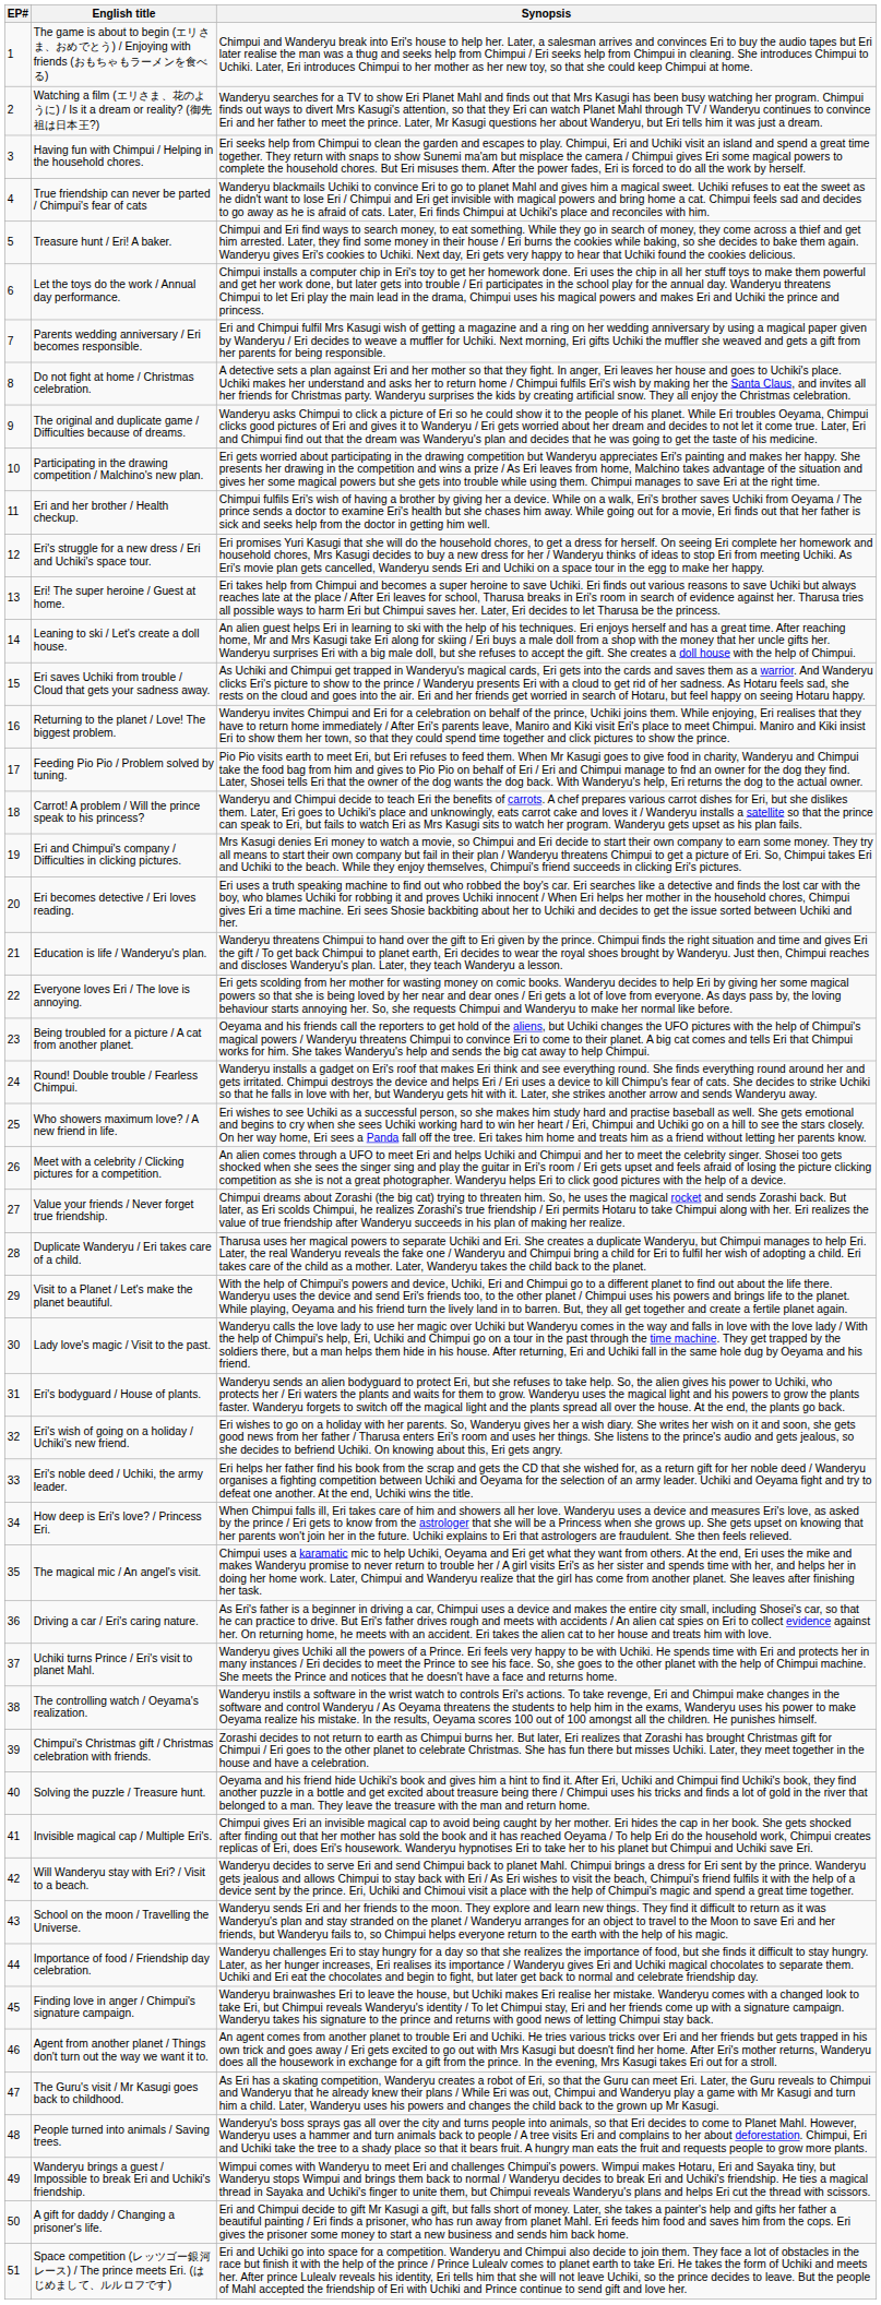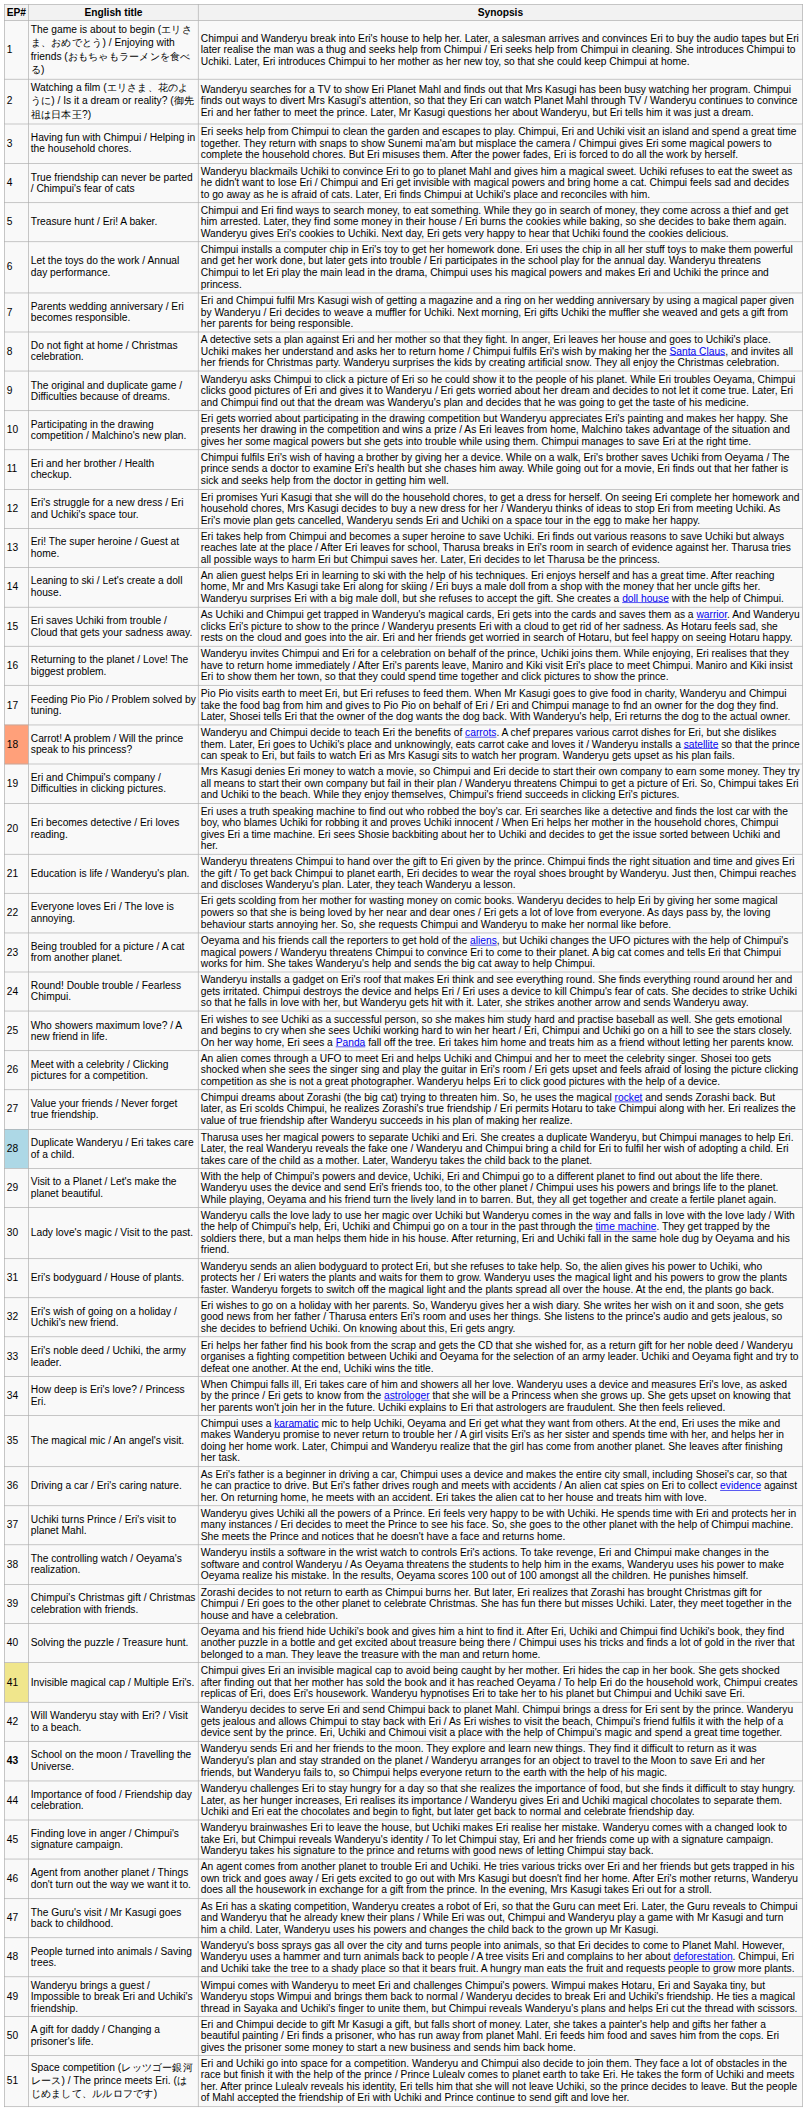 <table class="wikitable">
 <tr>
 <th>EP#</th>
 <th>English title</th>
 <th>Synopsis</th>
 </tr>
 <tr>
 <td>1</td>
 <td>The game is about to begin (エリさま、おめでとう) / Enjoying with friends (おもちゃもラーメンを食べる)</td>
 <td>Chimpui and Wanderyu break into Eri's house to help her. Later, a salesman arrives and convinces Eri to buy the audio tapes but Eri later realise the man was a thug and seeks help from Chimpui / Eri seeks help from Chimpui in cleaning. She introduces Chimpui to Uchiki. Later, Eri introduces Chimpui to her mother as her new toy, so that she could keep Chimpui at home.</td>
 </tr>
 <tr>
 <td>2</td>
 <td>Watching a film (エリさま、花のように) / Is it a dream or reality? (御先祖は日本王?)</td>
 <td>Wanderyu searches for a TV to show Eri Planet Mahl and finds out that Mrs Kasugi has been busy watching her program. Chimpui finds out ways to divert Mrs Kasugi's attention, so that they Eri can watch Planet Mahl through TV / Wanderyu continues to convince Eri and her father to meet the prince. Later, Mr Kasugi questions her about Wanderyu, but Eri tells him it was just a dream.</td>
 </tr>
 <tr>
 <td>3</td>
 <td>Having fun with Chimpui / Helping in the household chores.</td>
 <td>Eri seeks help from Chimpui to clean the garden and escapes to play. Chimpui, Eri and Uchiki visit an island and spend a great time together. They return with snaps to show Sunemi ma'am but misplace the camera / Chimpui gives Eri some magical powers to complete the household chores. But Eri misuses them. After the power fades, Eri is forced to do all the work by herself.</td>
 </tr>
 <tr>
 <td>4</td>
 <td>True friendship can never be parted / Chimpui's fear of cats</td>
 <td>Wanderyu blackmails Uchiki to convince Eri to go to planet Mahl and gives him a magical sweet. Uchiki refuses to eat the sweet as he didn't want to lose Eri / Chimpui and Eri get invisible with magical powers and bring home a cat. Chimpui feels sad and decides to go away as he is afraid of cats. Later, Eri finds Chimpui at Uchiki's place and reconciles with him.</td>
 </tr>
 <tr>
 <td>5</td>
 <td>Treasure hunt / Eri! A baker.</td>
 <td>Chimpui and Eri find ways to search money, to eat something. While they go in search of money, they come across a thief and get him arrested. Later, they find some money in their house / Eri burns the cookies while baking, so she decides to bake them again. Wanderyu gives Eri's cookies to Uchiki. Next day, Eri gets very happy to hear that Uchiki found the cookies delicious.</td>
 </tr>
 <tr>
 <td>6</td>
 <td>Let the toys do the work / Annual day performance.</td>
 <td>Chimpui installs a computer chip in Eri's toy to get her homework done. Eri uses the chip in all her stuff toys to make them powerful and get her work done, but later gets into trouble / Eri participates in the school play for the annual day. Wanderyu threatens Chimpui to let Eri play the main lead in the drama, Chimpui uses his magical powers and makes Eri and Uchiki the prince and princess.</td>
 </tr>
 <tr>
 <td>7</td>
 <td>Parents wedding anniversary / Eri becomes responsible.</td>
 <td>Eri and Chimpui fulfil Mrs Kasugi wish of getting a magazine and a ring on her wedding anniversary by using a magical paper given by Wanderyu / Eri decides to weave a muffler for Uchiki. Next morning, Eri gifts Uchiki the muffler she weaved and gets a gift from her parents for being responsible.</td>
 </tr>
 <tr>
 <td>8</td>
 <td>Do not fight at home / Christmas celebration.</td>
 <td>A detective sets a plan against Eri and her mother so that they fight. In anger, Eri leaves her house and goes to Uchiki's place. Uchiki makes her understand and asks her to return home / Chimpui fulfils Eri's wish by making her the <a href='#'>Santa Claus</a>, and invites all her friends for Christmas party. Wanderyu surprises the kids by creating artificial snow. They all enjoy the Christmas celebration.</td>
 </tr>
 <tr>
 <td>9</td>
 <td>The original and duplicate game / Difficulties because of dreams.</td>
 <td>Wanderyu asks Chimpui to click a picture of Eri so he could show it to the people of his planet. While Eri troubles Oeyama, Chimpui clicks good pictures of Eri and gives it to Wanderyu / Eri gets worried about her dream and decides to not let it come true. Later, Eri and Chimpui find out that the dream was Wanderyu's plan and decides that he was going to get the taste of his medicine.</td>
 </tr>
 <tr>
 <td>10</td>
 <td>Participating in the drawing competition / Malchino's new plan.</td>
 <td>Eri gets worried about participating in the drawing competition but Wanderyu appreciates Eri's painting and makes her happy. She presents her drawing in the competition and wins a prize / As Eri leaves from home, Malchino takes advantage of the situation and gives her some magical powers but she gets into trouble while using them. Chimpui manages to save Eri at the right time.</td>
 </tr>
 <tr>
 <td>11</td>
 <td>Eri and her brother / Health checkup.</td>
 <td>Chimpui fulfils Eri's wish of having a brother by giving her a device. While on a walk, Eri's brother saves Uchiki from Oeyama / The prince sends a doctor to examine Eri's health but she chases him away. While going out for a movie, Eri finds out that her father is sick and seeks help from the doctor in getting him well.</td>
 </tr>
 <tr>
 <td>12</td>
 <td>Eri's struggle for a new dress / Eri and Uchiki's space tour.</td>
 <td>Eri promises Yuri Kasugi that she will do the household chores, to get a dress for herself. On seeing Eri complete her homework and household chores, Mrs Kasugi decides to buy a new dress for her / Wanderyu thinks of ideas to stop Eri from meeting Uchiki. As Eri's movie plan gets cancelled, Wanderyu sends Eri and Uchiki on a space tour in the egg to make her happy.</td>
 </tr>
 <tr>
 <td>13</td>
 <td>Eri! The super heroine / Guest at home.</td>
 <td>Eri takes help from Chimpui and becomes a super heroine to save Uchiki. Eri finds out various reasons to save Uchiki but always reaches late at the place / After Eri leaves for school, Tharusa breaks in Eri's room in search of evidence against her. Tharusa tries all possible ways to harm Eri but Chimpui saves her. Later, Eri decides to let Tharusa be the princess.</td>
 </tr>
 <tr>
 <td>14</td>
 <td>Leaning to ski / Let's create a doll house.</td>
 <td>An alien guest helps Eri in learning to ski with the help of his techniques. Eri enjoys herself and has a great time. After reaching home, Mr and Mrs Kasugi take Eri along for skiing / Eri buys a male doll from a shop with the money that her uncle gifts her. Wanderyu surprises Eri with a big male doll, but she refuses to accept the gift. She creates a <a href='#'>doll house</a> with the help of Chimpui.</td>
 </tr>
 <tr>
 <td>15</td>
 <td>Eri saves Uchiki from trouble / Cloud that gets your sadness away.</td>
 <td>As Uchiki and Chimpui get trapped in Wanderyu's magical cards, Eri gets into the cards and saves them as a <a href='#'>warrior</a>. And Wanderyu clicks Eri's picture to show to the prince / Wanderyu presents Eri with a cloud to get rid of her sadness. As Hotaru feels sad, she rests on the cloud and goes into the air. Eri and her friends get worried in search of Hotaru, but feel happy on seeing Hotaru happy.</td>
 </tr>
 <tr>
 <td>16</td>
 <td>Returning to the planet / Love! The biggest problem.</td>
 <td>Wanderyu invites Chimpui and Eri for a celebration on behalf of the prince, Uchiki joins them. While enjoying, Eri realises that they have to return home immediately / After Eri's parents leave, Maniro and Kiki visit Eri's place to meet Chimpui. Maniro and Kiki insist Eri to show them her town, so that they could spend time together and click pictures to show the prince.</td>
 </tr>
 <tr>
 <td>17</td>
 <td>Feeding Pio Pio / Problem solved by tuning.</td>
 <td>Pio Pio visits earth to meet Eri, but Eri refuses to feed them. When Mr Kasugi goes to give food in charity, Wanderyu and Chimpui take the food bag from him and gives to Pio Pio on behalf of Eri / Eri and Chimpui manage to fnd an owner for the dog they find. Later, Shosei tells Eri that the owner of the dog wants the dog back. With Wanderyu's help, Eri returns the dog to the actual owner.</td>
 </tr>
 <tr>
-<td>18</td>
+<td style="background: lightsalmon;">18</td>
 <td>Carrot! A problem / Will the prince speak to his princess?</td>
 <td>Wanderyu and Chimpui decide to teach Eri the benefits of <a href='#'>carrots</a>. A chef prepares various carrot dishes for Eri, but she dislikes them. Later, Eri goes to Uchiki's place and unknowingly, eats carrot cake and loves it / Wanderyu installs a <a href='#'>satellite</a> so that the prince can speak to Eri, but fails to watch Eri as Mrs Kasugi sits to watch her program. Wanderyu gets upset as his plan fails.</td>
 </tr>
 <tr>
 <td>19</td>
 <td>Eri and Chimpui's company / Difficulties in clicking pictures.</td>
 <td>Mrs Kasugi denies Eri money to watch a movie, so Chimpui and Eri decide to start their own company to earn some money. They try all means to start their own company but fail in their plan / Wanderyu threatens Chimpui to get a picture of Eri. So, Chimpui takes Eri and Uchiki to the beach. While they enjoy themselves, Chimpui's friend succeeds in clicking Eri's pictures.</td>
 </tr>
 <tr>
 <td>20</td>
 <td>Eri becomes detective / Eri loves reading.</td>
 <td>Eri uses a truth speaking machine to find out who robbed the boy's car. Eri searches like a detective and finds the lost car with the boy, who blames Uchiki for robbing it and proves Uchiki innocent / When Eri helps her mother in the household chores, Chimpui gives Eri a time machine. Eri sees Shosie backbiting about her to Uchiki and decides to get the issue sorted between Uchiki and her.</td>
 </tr>
 <tr>
 <td>21</td>
 <td>Education is life / Wanderyu's plan.</td>
 <td>Wanderyu threatens Chimpui to hand over the gift to Eri given by the prince. Chimpui finds the right situation and time and gives Eri the gift / To get back Chimpui to planet earth, Eri decides to wear the royal shoes brought by Wanderyu. Just then, Chimpui reaches and discloses Wanderyu's plan. Later, they teach Wanderyu a lesson.</td>
 </tr>
 <tr>
 <td>22</td>
 <td>Everyone loves Eri / The love is annoying.</td>
 <td>Eri gets scolding from her mother for wasting money on comic books. Wanderyu decides to help Eri by giving her some magical powers so that she is being loved by her near and dear ones / Eri gets a lot of love from everyone. As days pass by, the loving behaviour starts annoying her. So, she requests Chimpui and Wanderyu to make her normal like before.</td>
 </tr>
 <tr>
 <td>23</td>
 <td>Being troubled for a picture / A cat from another planet.</td>
 <td>Oeyama and his friends call the reporters to get hold of the <a href='#'>aliens</a>, but Uchiki changes the UFO pictures with the help of Chimpui's magical powers / Wanderyu threatens Chimpui to convince Eri to come to their planet. A big cat comes and tells Eri that Chimpui works for him. She takes Wanderyu's help and sends the big cat away to help Chimpui.</td>
 </tr>
 <tr>
 <td>24</td>
 <td>Round! Double trouble / Fearless Chimpui.</td>
 <td>Wanderyu installs a gadget on Eri's roof that makes Eri think and see everything round. She finds everything round around her and gets irritated. Chimpui destroys the device and helps Eri / Eri uses a device to kill Chimpu's fear of cats. She decides to strike Uchiki so that he falls in love with her, but Wanderyu gets hit with it. Later, she strikes another arrow and sends Wanderyu away.</td>
 </tr>
 <tr>
 <td>25</td>
 <td>Who showers maximum love? / A new friend in life.</td>
 <td>Eri wishes to see Uchiki as a successful person, so she makes him study hard and practise baseball as well. She gets emotional and begins to cry when she sees Uchiki working hard to win her heart / Eri, Chimpui and Uchiki go on a hill to see the stars closely. On her way home, Eri sees a <a href='#'>Panda</a> fall off the tree. Eri takes him home and treats him as a friend without letting her parents know.</td>
 </tr>
 <tr>
 <td>26</td>
 <td>Meet with a celebrity / Clicking pictures for a competition.</td>
 <td>An alien comes through a UFO to meet Eri and helps Uchiki and Chimpui and her to meet the celebrity singer. Shosei too gets shocked when she sees the singer sing and play the guitar in Eri's room / Eri gets upset and feels afraid of losing the picture clicking competition as she is not a great photographer. Wanderyu helps Eri to click good pictures with the help of a device.</td>
 </tr>
 <tr>
 <td>27</td>
 <td>Value your friends / Never forget true friendship.</td>
 <td>Chimpui dreams about Zorashi (the big cat) trying to threaten him. So, he uses the magical <a href='#'>rocket</a> and sends Zorashi back. But later, as Eri scolds Chimpui, he realizes Zorashi's true friendship / Eri permits Hotaru to take Chimpui along with her. Eri realizes the value of true friendship after Wanderyu succeeds in his plan of making her realize.</td>
 </tr>
 <tr>
-<td>28</td>
+<td style="background: lightblue;">28</td>
 <td>Duplicate Wanderyu / Eri takes care of a child.</td>
 <td>Tharusa uses her magical powers to separate Uchiki and Eri. She creates a duplicate Wanderyu, but Chimpui manages to help Eri. Later, the real Wanderyu reveals the fake one / Wanderyu and Chimpui bring a child for Eri to fulfil her wish of adopting a child. Eri takes care of the child as a mother. Later, Wanderyu takes the child back to the planet.</td>
 </tr>
 <tr>
 <td>29</td>
 <td>Visit to a Planet / Let's make the planet beautiful.</td>
 <td>With the help of Chimpui's powers and device, Uchiki, Eri and Chimpui go to a different planet to find out about the life there. Wanderyu uses the device and send Eri's friends too, to the other planet / Chimpui uses his powers and brings life to the planet. While playing, Oeyama and his friend turn the lively land in to barren. But, they all get together and create a fertile planet again.</td>
 </tr>
 <tr>
 <td>30</td>
 <td>Lady love's magic / Visit to the past.</td>
 <td>Wanderyu calls the love lady to use her magic over Uchiki but Wanderyu comes in the way and falls in love with the love lady / With the help of Chimpui's help, Eri, Uchiki and Chimpui go on a tour in the past through the <a href='#'>time machine</a>. They get trapped by the soldiers there, but a man helps them hide in his house. After returning, Eri and Uchiki fall in the same hole dug by Oeyama and his friend.</td>
 </tr>
 <tr>
 <td>31</td>
 <td>Eri's bodyguard / House of plants.</td>
 <td>Wanderyu sends an alien bodyguard to protect Eri, but she refuses to take help. So, the alien gives his power to Uchiki, who protects her / Eri waters the plants and waits for them to grow. Wanderyu uses the magical light and his powers to grow the plants faster. Wanderyu forgets to switch off the magical light and the plants spread all over the house. At the end, the plants go back.</td>
 </tr>
 <tr>
 <td>32</td>
 <td>Eri's wish of going on a holiday / Uchiki's new friend.</td>
 <td>Eri wishes to go on a holiday with her parents. So, Wanderyu gives her a wish diary. She writes her wish on it and soon, she gets good news from her father / Tharusa enters Eri's room and uses her things. She listens to the prince's audio and gets jealous, so she decides to befriend Uchiki. On knowing about this, Eri gets angry.</td>
 </tr>
 <tr>
 <td>33</td>
 <td>Eri's noble deed / Uchiki, the army leader.</td>
 <td>Eri helps her father find his book from the scrap and gets the CD that she wished for, as a return gift for her noble deed / Wanderyu organises a fighting competition between Uchiki and Oeyama for the selection of an army leader. Uchiki and Oeyama fight and try to defeat one another. At the end, Uchiki wins the title.</td>
 </tr>
 <tr>
 <td>34</td>
 <td>How deep is Eri's love? / Princess Eri.</td>
 <td>When Chimpui falls ill, Eri takes care of him and showers all her love. Wanderyu uses a device and measures Eri's love, as asked by the prince / Eri gets to know from the <a href='#'>astrologer</a> that she will be a Princess when she grows up. She gets upset on knowing that her parents won't join her in the future. Uchiki explains to Eri that astrologers are fraudulent. She then feels relieved.</td>
 </tr>
 <tr>
 <td>35</td>
 <td>The magical mic / An angel's visit.</td>
 <td>Chimpui uses a <a href='#'>karamatic</a> mic to help Uchiki, Oeyama and Eri get what they want from others. At the end, Eri uses the mike and makes Wanderyu promise to never return to trouble her / A girl visits Eri's as her sister and spends time with her, and helps her in doing her home work. Later, Chimpui and Wanderyu realize that the girl has come from another planet. She leaves after finishing her task.</td>
 </tr>
 <tr>
 <td>36</td>
 <td>Driving a car / Eri's caring nature.</td>
 <td>As Eri's father is a beginner in driving a car, Chimpui uses a device and makes the entire city small, including Shosei's car, so that he can practice to drive. But Eri's father drives rough and meets with accidents / An alien cat spies on Eri to collect <a href='#'>evidence</a> against her. On returning home, he meets with an accident. Eri takes the alien cat to her house and treats him with love.</td>
 </tr>
 <tr>
 <td>37</td>
 <td>Uchiki turns Prince / Eri's visit to planet Mahl.</td>
 <td>Wanderyu gives Uchiki all the powers of a Prince. Eri feels very happy to be with Uchiki. He spends time with Eri and protects her in many instances / Eri decides to meet the Prince to see his face. So, she goes to the other planet with the help of Chimpui machine. She meets the Prince and notices that he doesn't have a face and returns home.</td>
 </tr>
 <tr>
 <td>38</td>
 <td>The controlling watch / Oeyama's realization.</td>
 <td>Wanderyu instils a software in the wrist watch to controls Eri's actions. To take revenge, Eri and Chimpui make changes in the software and control Wanderyu / As Oeyama threatens the students to help him in the exams, Wanderyu uses his power to make Oeyama realize his mistake. In the results, Oeyama scores 100 out of 100 amongst all the children. He punishes himself.</td>
 </tr>
 <tr>
 <td>39</td>
 <td>Chimpui's Christmas gift / Christmas celebration with friends.</td>
 <td>Zorashi decides to not return to earth as Chimpui burns her. But later, Eri realizes that Zorashi has brought Christmas gift for Chimpui / Eri goes to the other planet to celebrate Christmas. She has fun there but misses Uchiki. Later, they meet together in the house and have a celebration.</td>
 </tr>
 <tr>
 <td>40</td>
 <td>Solving the puzzle / Treasure hunt.</td>
 <td>Oeyama and his friend hide Uchiki's book and gives him a hint to find it. After Eri, Uchiki and Chimpui find Uchiki's book, they find another puzzle in a bottle and get excited about treasure being there / Chimpui uses his tricks and finds a lot of gold in the river that belonged to a man. They leave the treasure with the man and return home.</td>
 </tr>
 <tr>
-<td>41</td>
+<td style="background: khaki;">41</td>
 <td>Invisible magical cap / Multiple Eri's.</td>
 <td>Chimpui gives Eri an invisible magical cap to avoid being caught by her mother. Eri hides the cap in her book. She gets shocked after finding out that her mother has sold the book and it has reached Oeyama / To help Eri do the household work, Chimpui creates replicas of Eri, does Eri's housework. Wanderyu hypnotises Eri to take her to his planet but Chimpui and Uchiki save Eri.</td>
 </tr>
 <tr>
 <td>42</td>
 <td>Will Wanderyu stay with Eri? / Visit to a beach.</td>
 <td>Wanderyu decides to serve Eri and send Chimpui back to planet Mahl. Chimpui brings a dress for Eri sent by the prince. Wanderyu gets jealous and allows Chimpui to stay back with Eri / As Eri wishes to visit the beach, Chimpui's friend fulfils it with the help of a device sent by the prince. Eri, Uchiki and Chimoui visit a place with the help of Chimpui's magic and spend a great time together.</td>
 </tr>
 <tr>
-<td>43</td>
+<td><strong>43</strong></td>
 <td>School on the moon / Travelling the Universe.</td>
 <td>Wanderyu sends Eri and her friends to the moon. They explore and learn new things. They find it difficult to return as it was Wanderyu's plan and stay stranded on the planet / Wanderyu arranges for an object to travel to the Moon to save Eri and her friends, but Wanderyu fails to, so Chimpui helps everyone return to the earth with the help of his magic.</td>
 </tr>
 <tr>
 <td>44</td>
 <td>Importance of food / Friendship day celebration.</td>
 <td>Wanderyu challenges Eri to stay hungry for a day so that she realizes the importance of food, but she finds it difficult to stay hungry. Later, as her hunger increases, Eri realises its importance / Wanderyu gives Eri and Uchiki magical chocolates to separate them. Uchiki and Eri eat the chocolates and begin to fight, but later get back to normal and celebrate friendship day.</td>
 </tr>
 <tr>
 <td>45</td>
 <td>Finding love in anger / Chimpui's signature campaign.</td>
 <td>Wanderyu brainwashes Eri to leave the house, but Uchiki makes Eri realise her mistake. Wanderyu comes with a changed look to take Eri, but Chimpui reveals Wanderyu's identity / To let Chimpui stay, Eri and her friends come up with a signature campaign. Wanderyu takes his signature to the prince and returns with good news of letting Chimpui stay back.</td>
 </tr>
 <tr>
 <td>46</td>
 <td>Agent from another planet / Things don't turn out the way we want it to.</td>
 <td>An agent comes from another planet to trouble Eri and Uchiki. He tries various tricks over Eri and her friends but gets trapped in his own trick and goes away / Eri gets excited to go out with Mrs Kasugi but doesn't find her home. After Eri's mother returns, Wanderyu does all the housework in exchange for a gift from the prince. In the evening, Mrs Kasugi takes Eri out for a stroll.</td>
 </tr>
 <tr>
 <td>47</td>
 <td>The Guru's visit / Mr Kasugi goes back to childhood.</td>
 <td>As Eri has a skating competition, Wanderyu creates a robot of Eri, so that the Guru can meet Eri. Later, the Guru reveals to Chimpui and Wanderyu that he already knew their plans / While Eri was out, Chimpui and Wanderyu play a game with Mr Kasugi and turn him a child. Later, Wanderyu uses his powers and changes the child back to the grown up Mr Kasugi.</td>
 </tr>
 <tr>
 <td>48</td>
 <td>People turned into animals / Saving trees.</td>
 <td>Wanderyu's boss sprays gas all over the city and turns people into animals, so that Eri decides to come to Planet Mahl. However, Wanderyu uses a hammer and turn animals back to people / A tree visits Eri and complains to her about <a href='#'>deforestation</a>. Chimpui, Eri and Uchiki take the tree to a shady place so that it bears fruit. A hungry man eats the fruit and requests people to grow more plants.</td>
 </tr>
 <tr>
 <td>49</td>
 <td>Wanderyu brings a guest / Impossible to break Eri and Uchiki's friendship.</td>
 <td>Wimpui comes with Wanderyu to meet Eri and challenges Chimpui's powers. Wimpui makes Hotaru, Eri and Sayaka tiny, but Wanderyu stops Wimpui and brings them back to normal / Wanderyu decides to break Eri and Uchiki's friendship. He ties a magical thread in Sayaka and Uchiki's finger to unite them, but Chimpui reveals Wanderyu's plans and helps Eri cut the thread with scissors.</td>
 </tr>
 <tr>
 <td>50</td>
 <td>A gift for daddy / Changing a prisoner's life.</td>
 <td>Eri and Chimpui decide to gift Mr Kasugi a gift, but falls short of money. Later, she takes a painter's help and gifts her father a beautiful painting / Eri finds a prisoner, who has run away from planet Mahl. Eri feeds him food and saves him from the cops. Eri gives the prisoner some money to start a new business and sends him back home.</td>
 </tr>
 <tr>
 <td>51</td>
 <td>Space competition (レッツゴー銀河レース) / The prince meets Eri. (はじめまして、ルルロフです)</td>
 <td>Eri and Uchiki go into space for a competition. Wanderyu and Chimpui also decide to join them. They face a lot of obstacles in the race but finish it with the help of the prince / Prince Lulealv comes to planet earth to take Eri. He takes the form of Uchiki and meets her. After prince Lulealv reveals his identity, Eri tells him that she will not leave Uchiki, so the prince decides to leave. But the people of Mahl accepted the friendship of Eri with Uchiki and Prince continue to send gift and love her.</td>
 </tr>
 </table>
